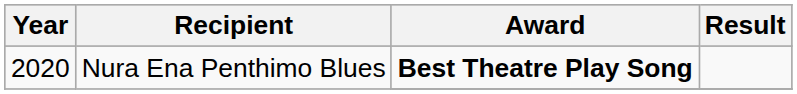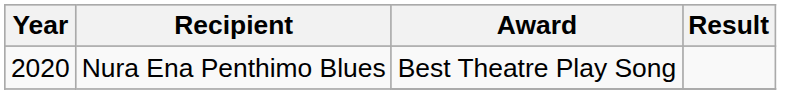 <table class="wikitable">
 <tr>
 <th>Year</th>
 <th>Recipient</th>
 <th>Award</th>
 <th>Result</th>
 </tr>
 <tr>
 <td rowspan="2">2020</td>
 <td rowspan="2">Nura Ena Penthimo Blues</td>
-<td><strong>Best Theatre Play Song</strong></td>
+<td>Best Theatre Play Song</td>
 <td></td>
 </tr>
 <tr>
 </tr>
 </table>
